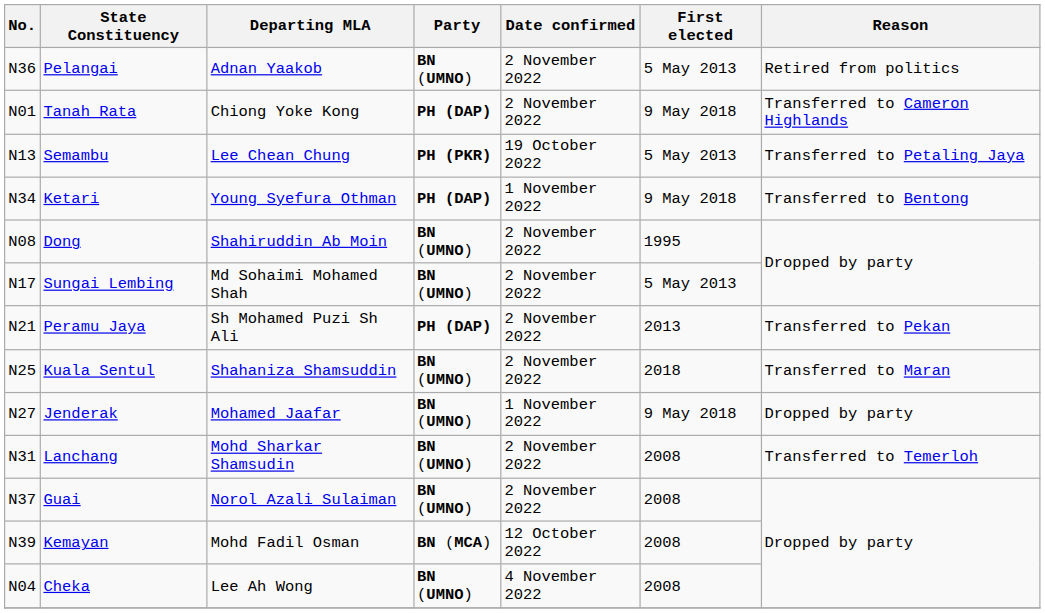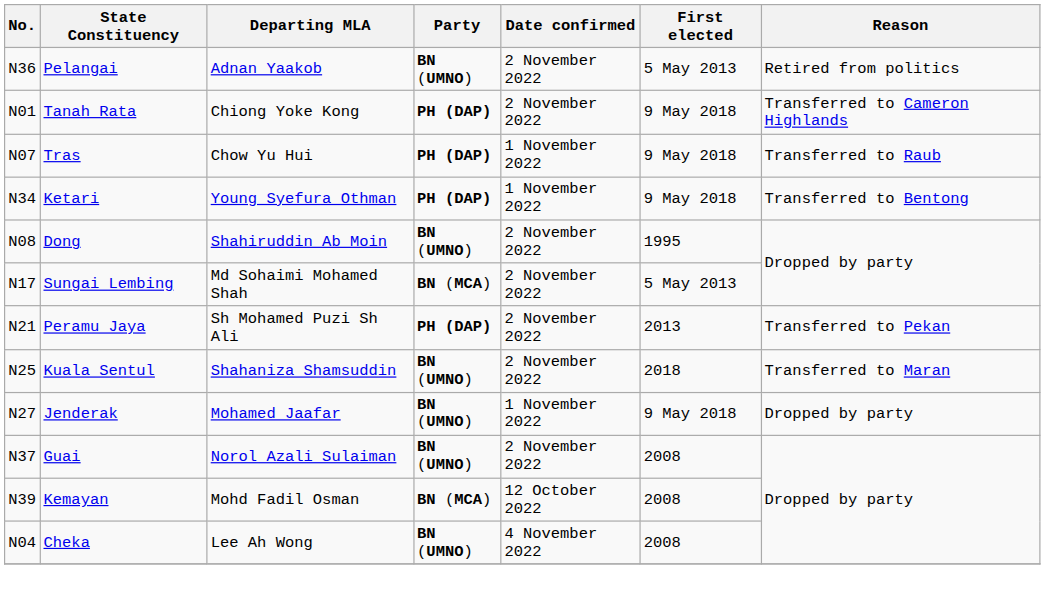 <table class="wikitable">
 <tr>
 <th>No.</th>
 <th>State Constituency</th>
 <th>Departing MLA</th>
 <th>Party</th>
 <th>Date confirmed</th>
 <th>First elected</th>
 <th>Reason</th>
 </tr>
 <tr>
 <td>N36</td>
 <td><a href='#'>Pelangai</a></td>
 <td><a href='#'>Adnan Yaakob</a></td>
 <td><strong>BN</strong> (<strong>UMNO</strong>)</td>
 <td>2 November 2022</td>
 <td>5 May 2013</td>
 <td>Retired from politics</td>
 </tr>
 <tr>
 <td>N01</td>
 <td><a href='#'>Tanah Rata</a></td>
 <td>Chiong Yoke Kong</td>
 <td><strong>PH (DAP)</strong></td>
 <td>2 November 2022</td>
 <td>9 May 2018</td>
 <td>Transferred to <a href='#'>Cameron Highlands</a></td>
 </tr>
 <tr>
-<td>N13</td>
-<td><a href='#'>Semambu</a></td>
-<td><a href='#'>Lee Chean Chung</a></td>
-<td><strong>PH (PKR)</strong></td>
-<td>19 October 2022</td>
-<td>5 May 2013</td>
-<td>Transferred to <a href='#'>Petaling Jaya</a></td>
+<td>N07</td>
+<td><a href='#'>Tras</a></td>
+<td>Chow Yu Hui</td>
+<td><strong>PH (DAP)</strong></td>
+<td>1 November 2022</td>
+<td>9 May 2018</td>
+<td>Transferred to <a href='#'>Raub</a></td>
 </tr>
 <tr>
 <td>N34</td>
 <td><a href='#'>Ketari</a></td>
 <td><a href='#'>Young Syefura Othman</a></td>
 <td><strong>PH (DAP)</strong></td>
 <td>1 November 2022</td>
 <td>9 May 2018</td>
 <td>Transferred to <a href='#'>Bentong</a></td>
 </tr>
 <tr>
 <td>N08</td>
 <td><a href='#'>Dong</a></td>
 <td><a href='#'>Shahiruddin Ab Moin</a></td>
 <td><strong>BN</strong> (<strong>UMNO</strong>)</td>
 <td>2 November 2022</td>
 <td>1995</td>
 <td rowspan=2>Dropped by party</td>
 </tr>
 <tr>
 <td>N17</td>
 <td><a href='#'>Sungai Lembing</a></td>
 <td>Md Sohaimi Mohamed Shah</td>
-<td><strong>BN</strong> (<strong>UMNO</strong>)</td>
+<td><strong>BN</strong> (<strong>MCA</strong>)</td>
 <td>2 November 2022</td>
 <td>5 May 2013</td>
 </tr>
 <tr>
 <td>N21</td>
 <td><a href='#'>Peramu Jaya</a></td>
 <td>Sh Mohamed Puzi Sh Ali</td>
 <td><strong>PH (DAP)</strong></td>
 <td>2 November 2022</td>
 <td>2013</td>
 <td>Transferred to <a href='#'>Pekan</a></td>
 </tr>
 <tr>
 <td>N25</td>
 <td><a href='#'>Kuala Sentul</a></td>
 <td><a href='#'>Shahaniza Shamsuddin</a></td>
 <td><strong>BN</strong> (<strong>UMNO</strong>)</td>
 <td>2 November 2022</td>
 <td>2018</td>
 <td>Transferred to <a href='#'>Maran</a></td>
 </tr>
 <tr>
 <td>N27</td>
 <td><a href='#'>Jenderak</a></td>
 <td><a href='#'>Mohamed Jaafar</a></td>
 <td><strong>BN</strong> (<strong>UMNO</strong>)</td>
 <td>1 November 2022</td>
 <td>9 May 2018</td>
 <td>Dropped by party</td>
 </tr>
 <tr>
-<td>N31</td>
-<td><a href='#'>Lanchang</a></td>
-<td><a href='#'>Mohd Sharkar Shamsudin</a></td>
-<td><strong>BN</strong> (<strong>UMNO</strong>)</td>
-<td>2 November 2022</td>
-<td>2008</td>
-<td>Transferred to <a href='#'>Temerloh</a></td>
-</tr>
-<tr>
 <td>N37</td>
 <td><a href='#'>Guai</a></td>
 <td><a href='#'>Norol Azali Sulaiman</a></td>
 <td><strong>BN</strong> (<strong>UMNO</strong>)</td>
 <td>2 November 2022</td>
 <td>2008</td>
 <td rowspan=3>Dropped by party</td>
 </tr>
 <tr>
 <td>N39</td>
 <td><a href='#'>Kemayan</a></td>
 <td>Mohd Fadil Osman</td>
 <td><strong>BN</strong> (<strong>MCA</strong>)</td>
 <td>12 October 2022</td>
 <td>2008</td>
 </tr>
 <tr>
 <td>N04</td>
 <td><a href='#'>Cheka</a></td>
 <td>Lee Ah Wong</td>
 <td><strong>BN</strong> (<strong>UMNO</strong>)</td>
 <td>4 November 2022</td>
 <td>2008</td>
 </tr>
 <tr>
 </tr>
 </table>
